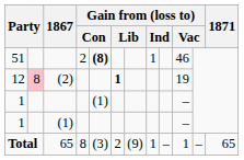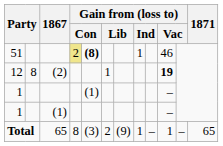 <table class="wikitable" style="text-align:right">
 <tr>
 <th rowspan="2" colspan="2">Party</th>
 <th rowspan="2" style="width:1em;">1867</th>
 <th colspan="8">Gain from (loss to)</th>
 <th rowspan="2" style="width:1em;">1871</th>
 </tr>
 <tr>
 <th colspan="2">Con</th>
 <th colspan="2">Lib</th>
 <th colspan="2">Ind</th>
 <th colspan="2">Vac</th>
 </tr>
 <tr>
 <td>51</td>
 <td></td>
 <td></td>
-<td>2</td>
+<td style="background: khaki;">2</td>
 <td><strong>(8)</strong></td>
 <td></td>
 <td></td>
 <td>1</td>
 <td></td>
 <td>46</td>
 </tr>
 <tr>
 <td>12</td>
-<td style="background: pink;">8</td>
+<td>8</td>
 <td>(2)</td>
 <td></td>
 <td></td>
-<td><strong>1</strong></td>
+<td>1</td>
 <td></td>
 <td></td>
 <td></td>
-<td>19</td>
+<td><strong>19</strong></td>
 </tr>
 <tr>
 <td>1</td>
 <td></td>
 <td></td>
 <td></td>
 <td>(1)</td>
 <td></td>
 <td></td>
 <td></td>
 <td></td>
 <td>–</td>
 </tr>
 <tr>
 <td>1</td>
 <td></td>
 <td>(1)</td>
 <td></td>
 <td></td>
 <td></td>
 <td></td>
 <td></td>
 <td></td>
 <td>–</td>
 </tr>
 <tr>
 <td colspan="2" style="text-align:left;"><strong>Total</strong></td>
 <td>65</td>
 <td>8</td>
 <td>(3)</td>
 <td>2</td>
 <td>(9)</td>
 <td>1</td>
 <td>–</td>
 <td>1</td>
 <td>–</td>
 <td>65</td>
 </tr>
 </table>
